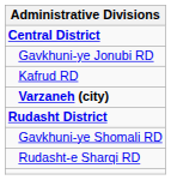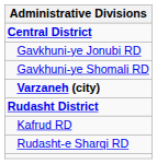 <table class="wikitable">
 <tr>
 <th>Administrative Divisions</th>
 </tr>
 <tr>
 <td><strong><a href='#'>Central District</a></strong></td>
 </tr>
 <tr>
 <td style="padding-left: 1em;"><a href='#'>Gavkhuni-ye Jonubi RD</a></td>
 </tr>
 <tr>
-<td style="padding-left: 1em;"><a href='#'>Kafrud RD</a></td>
+<td style="padding-left: 1em;"><a href='#'>Gavkhuni-ye Shomali RD</a></td>
 </tr>
 <tr>
 <td style="padding-left: 1em;"><strong><a href='#'>Varzaneh</a> (city)</strong></td>
 </tr>
 <tr>
 <td><strong><a href='#'>Rudasht District</a></strong></td>
 </tr>
 <tr>
-<td style="padding-left: 1em;"><a href='#'>Gavkhuni-ye Shomali RD</a></td>
+<td style="padding-left: 1em;"><a href='#'>Kafrud RD</a></td>
 </tr>
 <tr>
 <td style="padding-left: 1em;"><a href='#'>Rudasht-e Sharqi RD</a></td>
 </tr>
 <tr>
 <td colspan=1></td>
 </tr>
 </table>
